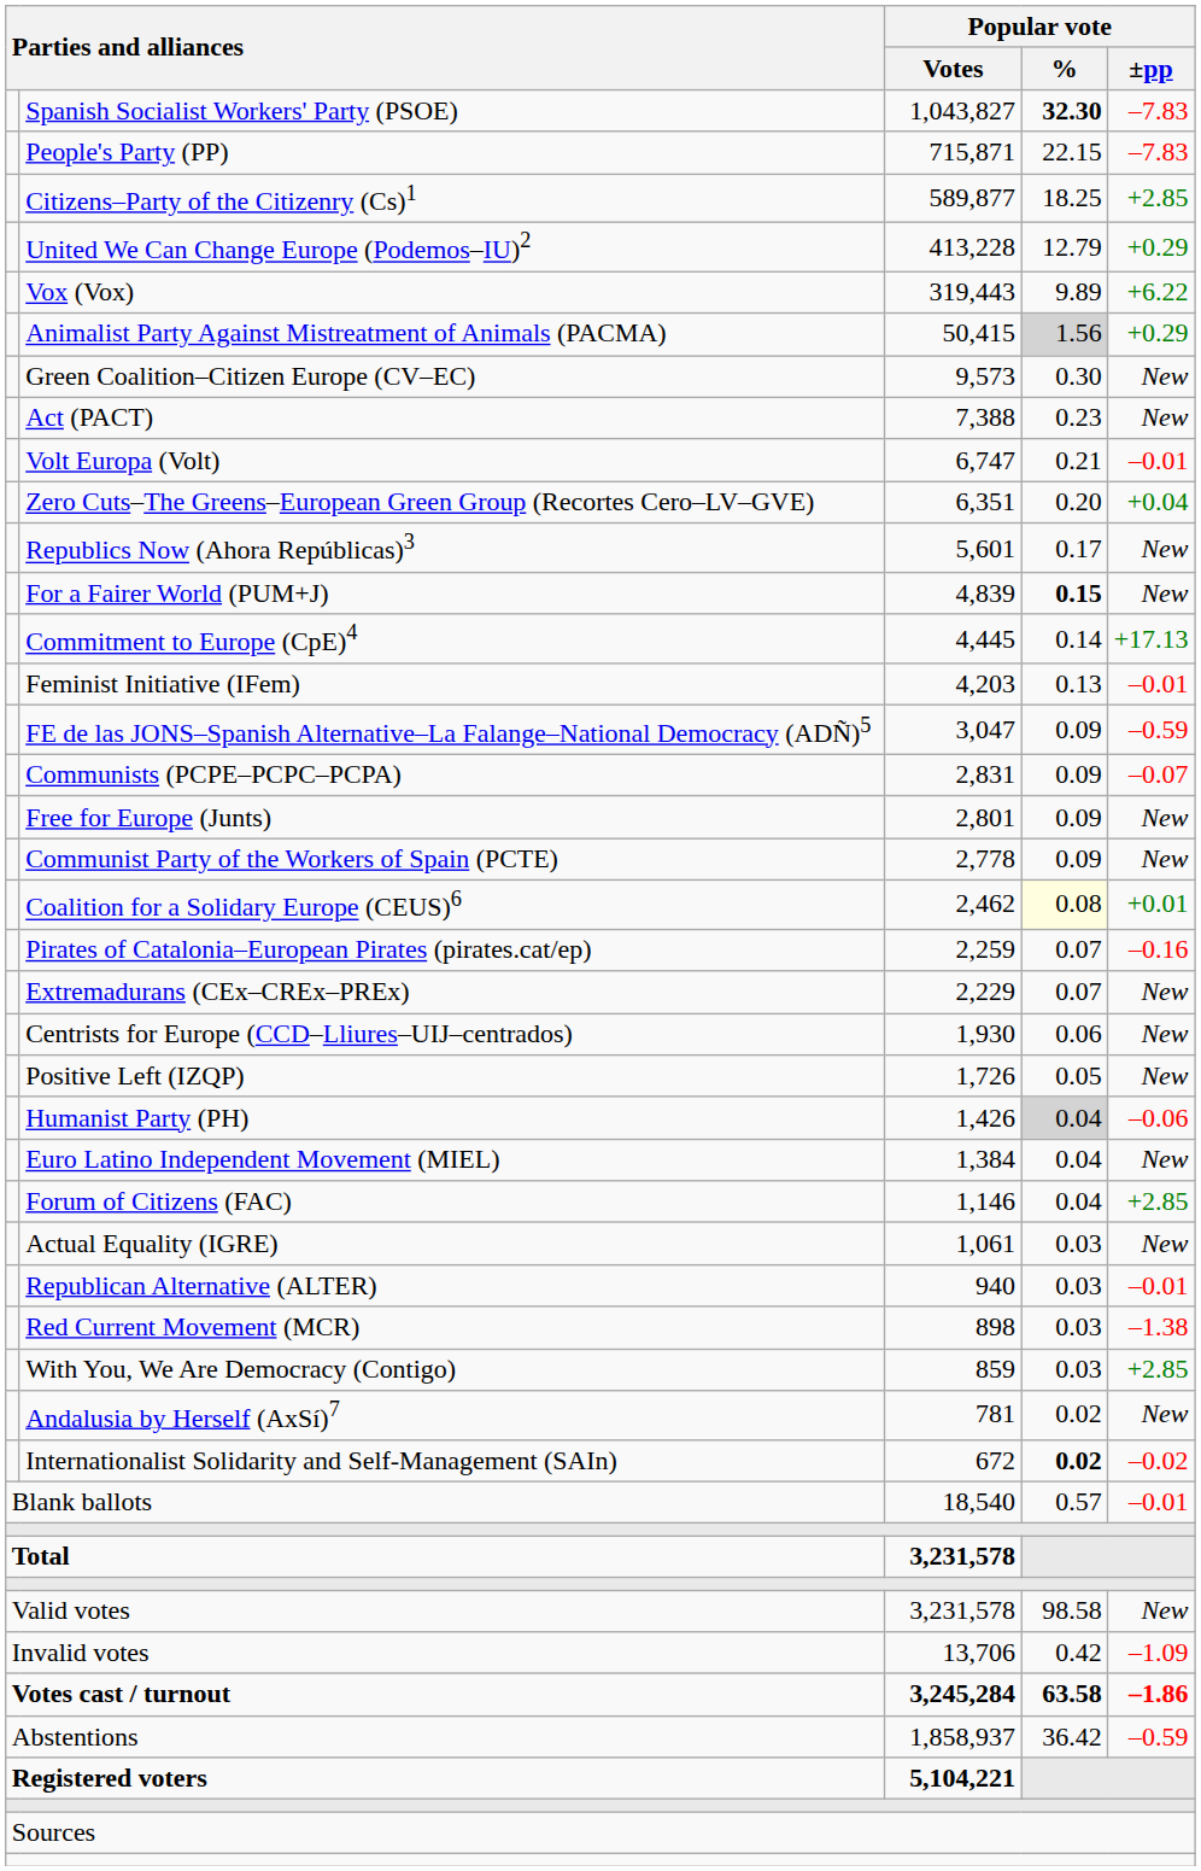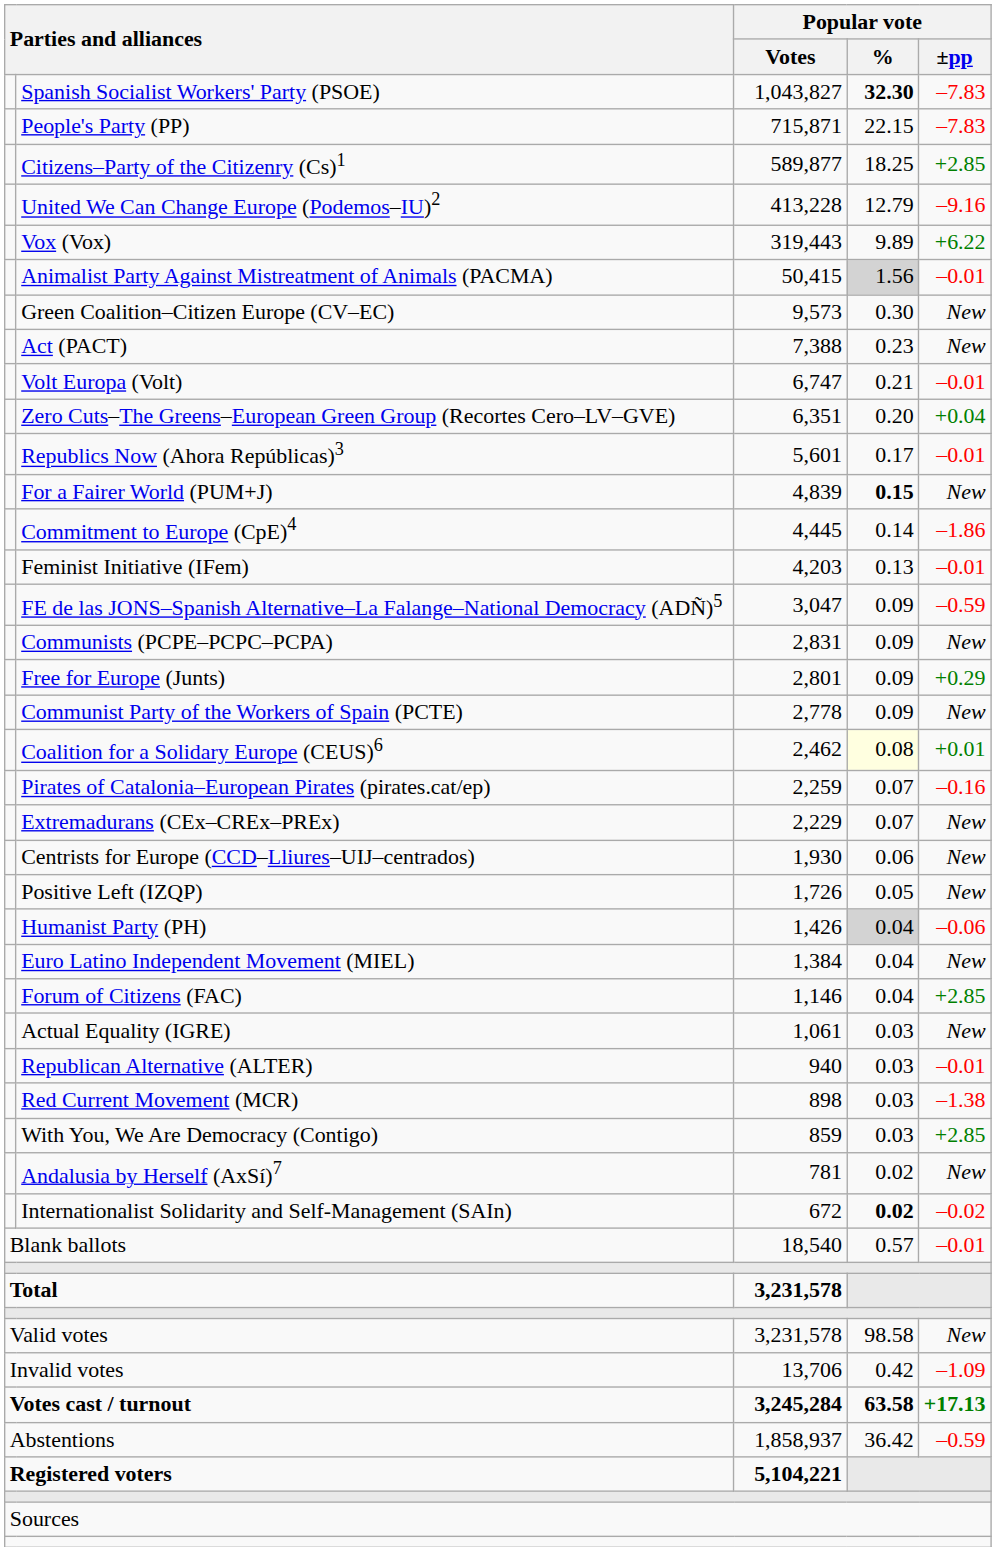 <table class="wikitable" style="text-align:right;">
 <tr>
 <th style="text-align:left;" rowspan="2" colspan="2" width="525">Parties and alliances</th>
 <th colspan="3">Popular vote</th>
 </tr>
 <tr>
 <th width="75">Votes</th>
 <th width="45">%</th>
 <th width="45">±<a href='#'>pp</a></th>
 </tr>
 <tr>
 <td width="1" style="color:inherit;background:"></td>
 <td align="left"><a href='#'>Spanish Socialist Workers' Party</a> (PSOE)</td>
 <td>1,043,827</td>
 <td><strong>32.30</strong></td>
 <td style="color:red;">–7.83</td>
 </tr>
 <tr>
 <td style="color:inherit;background:"></td>
 <td align="left"><a href='#'>People's Party</a> (PP)</td>
 <td>715,871</td>
 <td>22.15</td>
 <td style="color:red;">–7.83</td>
 </tr>
 <tr>
 <td style="color:inherit;background:"></td>
 <td align="left"><a href='#'>Citizens–Party of the Citizenry</a> (Cs)<sup>1</sup></td>
 <td>589,877</td>
 <td>18.25</td>
 <td style="color:green;">+2.85</td>
 </tr>
 <tr>
 <td style="color:inherit;background:"></td>
 <td align="left"><a href='#'>United We Can Change Europe</a> (<a href='#'>Podemos</a>–<a href='#'>IU</a>)<sup>2</sup></td>
 <td>413,228</td>
 <td>12.79</td>
-<td style="color:green;">+0.29</td>
+<td style="color:red;">–9.16</td>
 </tr>
 <tr>
 <td style="color:inherit;background:"></td>
 <td align="left"><a href='#'>Vox</a> (Vox)</td>
 <td>319,443</td>
 <td>9.89</td>
 <td style="color:green;">+6.22</td>
 </tr>
 <tr>
 <td style="color:inherit;background:"></td>
 <td align="left"><a href='#'>Animalist Party Against Mistreatment of Animals</a> (PACMA)</td>
 <td>50,415</td>
 <td style="background: lightgrey;">1.56</td>
-<td style="color:green;">+0.29</td>
+<td style="color:red;">–0.01</td>
 </tr>
 <tr>
 <td style="color:inherit;background:"></td>
 <td align="left">Green Coalition–Citizen Europe (CV–EC)</td>
 <td>9,573</td>
 <td>0.30</td>
 <td><em>New</em></td>
 </tr>
 <tr>
 <td style="color:inherit;background:"></td>
 <td align="left"><a href='#'>Act</a> (PACT)</td>
 <td>7,388</td>
 <td>0.23</td>
 <td><em>New</em></td>
 </tr>
 <tr>
 <td style="color:inherit;background:"></td>
 <td align="left"><a href='#'>Volt Europa</a> (Volt)</td>
 <td>6,747</td>
 <td>0.21</td>
 <td style="color:red;">–0.01</td>
 </tr>
 <tr>
 <td style="color:inherit;background:"></td>
 <td align="left"><a href='#'>Zero Cuts</a>–<a href='#'>The Greens</a>–<a href='#'>European Green Group</a> (Recortes Cero–LV–GVE)</td>
 <td>6,351</td>
 <td>0.20</td>
 <td style="color:green;">+0.04</td>
 </tr>
 <tr>
 <td style="color:inherit;background:"></td>
 <td align="left"><a href='#'>Republics Now</a> (Ahora Repúblicas)<sup>3</sup></td>
 <td>5,601</td>
 <td>0.17</td>
-<td><em>New</em></td>
+<td style="color:red;">–0.01</td>
 </tr>
 <tr>
 <td style="color:inherit;background:"></td>
 <td align="left"><a href='#'>For a Fairer World</a> (PUM+J)</td>
 <td>4,839</td>
 <td><strong>0.15</strong></td>
 <td><em>New</em></td>
 </tr>
 <tr>
 <td style="color:inherit;background:"></td>
 <td align="left"><a href='#'>Commitment to Europe</a> (CpE)<sup>4</sup></td>
 <td>4,445</td>
 <td>0.14</td>
-<td style="color:green;">+17.13</td>
+<td style="color:red;">–1.86</td>
 </tr>
 <tr>
 <td style="color:inherit;background:"></td>
 <td align="left">Feminist Initiative (IFem)</td>
 <td>4,203</td>
 <td>0.13</td>
 <td style="color:red;">–0.01</td>
 </tr>
 <tr>
 <td style="color:inherit;background:"></td>
 <td align="left"><a href='#'>FE de las JONS–Spanish Alternative–La Falange–National Democracy</a> (ADÑ)<sup>5</sup></td>
 <td>3,047</td>
 <td>0.09</td>
 <td style="color:red;">–0.59</td>
 </tr>
 <tr>
 <td style="color:inherit;background:"></td>
 <td align="left"><a href='#'>Communists</a> (PCPE–PCPC–PCPA)</td>
 <td>2,831</td>
 <td>0.09</td>
-<td style="color:red;">–0.07</td>
+<td><em>New</em></td>
 </tr>
 <tr>
 <td style="color:inherit;background:"></td>
 <td align="left"><a href='#'>Free for Europe</a> (Junts)</td>
 <td>2,801</td>
 <td>0.09</td>
-<td><em>New</em></td>
+<td style="color:green;">+0.29</td>
 </tr>
 <tr>
 <td style="color:inherit;background:"></td>
 <td align="left"><a href='#'>Communist Party of the Workers of Spain</a> (PCTE)</td>
 <td>2,778</td>
 <td>0.09</td>
 <td><em>New</em></td>
 </tr>
 <tr>
 <td style="color:inherit;background:"></td>
 <td align="left"><a href='#'>Coalition for a Solidary Europe</a> (CEUS)<sup>6</sup></td>
 <td>2,462</td>
 <td style="background: lightyellow;">0.08</td>
 <td style="color:green;">+0.01</td>
 </tr>
 <tr>
 <td style="color:inherit;background:"></td>
 <td align="left"><a href='#'>Pirates of Catalonia–European Pirates</a> (pirates.cat/ep)</td>
 <td>2,259</td>
 <td>0.07</td>
 <td style="color:red;">–0.16</td>
 </tr>
 <tr>
 <td style="color:inherit;background:"></td>
 <td align="left"><a href='#'>Extremadurans</a> (CEx–CREx–PREx)</td>
 <td>2,229</td>
 <td>0.07</td>
 <td><em>New</em></td>
 </tr>
 <tr>
 <td style="color:inherit;background:"></td>
 <td align="left">Centrists for Europe (<a href='#'>CCD</a>–<a href='#'>Lliures</a>–UIJ–centrados)</td>
 <td>1,930</td>
 <td>0.06</td>
 <td><em>New</em></td>
 </tr>
 <tr>
 <td style="color:inherit;background:"></td>
 <td align="left">Positive Left (IZQP)</td>
 <td>1,726</td>
 <td>0.05</td>
 <td><em>New</em></td>
 </tr>
 <tr>
 <td style="color:inherit;background:"></td>
 <td align="left"><a href='#'>Humanist Party</a> (PH)</td>
 <td>1,426</td>
 <td style="background: lightgrey;">0.04</td>
 <td style="color:red;">–0.06</td>
 </tr>
 <tr>
 <td style="color:inherit;background:"></td>
 <td align="left"><a href='#'>Euro Latino Independent Movement</a> (MIEL)</td>
 <td>1,384</td>
 <td>0.04</td>
 <td><em>New</em></td>
 </tr>
 <tr>
 <td style="color:inherit;background:"></td>
 <td align="left"><a href='#'>Forum of Citizens</a> (FAC)</td>
 <td>1,146</td>
 <td>0.04</td>
 <td style="color:green;">+2.85</td>
 </tr>
 <tr>
 <td style="color:inherit;background:"></td>
 <td align="left">Actual Equality (IGRE)</td>
 <td>1,061</td>
 <td>0.03</td>
 <td><em>New</em></td>
 </tr>
 <tr>
 <td style="color:inherit;background:"></td>
 <td align="left"><a href='#'>Republican Alternative</a> (ALTER)</td>
 <td>940</td>
 <td>0.03</td>
 <td style="color:red;">–0.01</td>
 </tr>
 <tr>
 <td style="color:inherit;background:"></td>
 <td align="left"><a href='#'>Red Current Movement</a> (MCR)</td>
 <td>898</td>
 <td>0.03</td>
 <td style="color:red;">–1.38</td>
 </tr>
 <tr>
 <td style="color:inherit;background:"></td>
 <td align="left">With You, We Are Democracy (Contigo)</td>
 <td>859</td>
 <td>0.03</td>
 <td style="color:green;">+2.85</td>
 </tr>
 <tr>
 <td style="color:inherit;background:"></td>
 <td align="left"><a href='#'>Andalusia by Herself</a> (AxSí)<sup>7</sup></td>
 <td>781</td>
 <td>0.02</td>
 <td><em>New</em></td>
 </tr>
 <tr>
 <td style="color:inherit;background:"></td>
 <td align="left">Internationalist Solidarity and Self-Management (SAIn)</td>
 <td>672</td>
 <td><strong>0.02</strong></td>
 <td style="color:red;">–0.02</td>
 </tr>
 <tr>
 <td align="left" colspan="2">Blank ballots</td>
 <td>18,540</td>
 <td>0.57</td>
 <td style="color:red;">–0.01</td>
 </tr>
 <tr>
 <td colspan="5" bgcolor="#E9E9E9"></td>
 </tr>
 <tr style="font-weight:bold;">
 <td align="left" colspan="2">Total</td>
 <td>3,231,578</td>
 <td bgcolor="#E9E9E9" colspan="2"></td>
 </tr>
 <tr>
 <td colspan="5" bgcolor="#E9E9E9"></td>
 </tr>
 <tr>
 <td align="left" colspan="2">Valid votes</td>
 <td>3,231,578</td>
 <td>98.58</td>
 <td><em>New</em></td>
 </tr>
 <tr>
 <td align="left" colspan="2">Invalid votes</td>
 <td>13,706</td>
 <td>0.42</td>
 <td style="color:red;">–1.09</td>
 </tr>
 <tr style="font-weight:bold;">
 <td align="left" colspan="2">Votes cast / turnout</td>
 <td>3,245,284</td>
 <td>63.58</td>
-<td style="color:red;">–1.86</td>
+<td style="color:green;">+17.13</td>
 </tr>
 <tr>
 <td align="left" colspan="2">Abstentions</td>
 <td>1,858,937</td>
 <td>36.42</td>
 <td style="color:red;">–0.59</td>
 </tr>
 <tr style="font-weight:bold;">
 <td align="left" colspan="2">Registered voters</td>
 <td>5,104,221</td>
 <td bgcolor="#E9E9E9" colspan="2"></td>
 </tr>
 <tr>
 <td colspan="5" bgcolor="#E9E9E9"></td>
 </tr>
 <tr>
 <td align="left" colspan="5">Sources</td>
 </tr>
 <tr>
 <td colspan="5" style="text-align:left; max-width:680px;"></td>
 </tr>
 </table>
